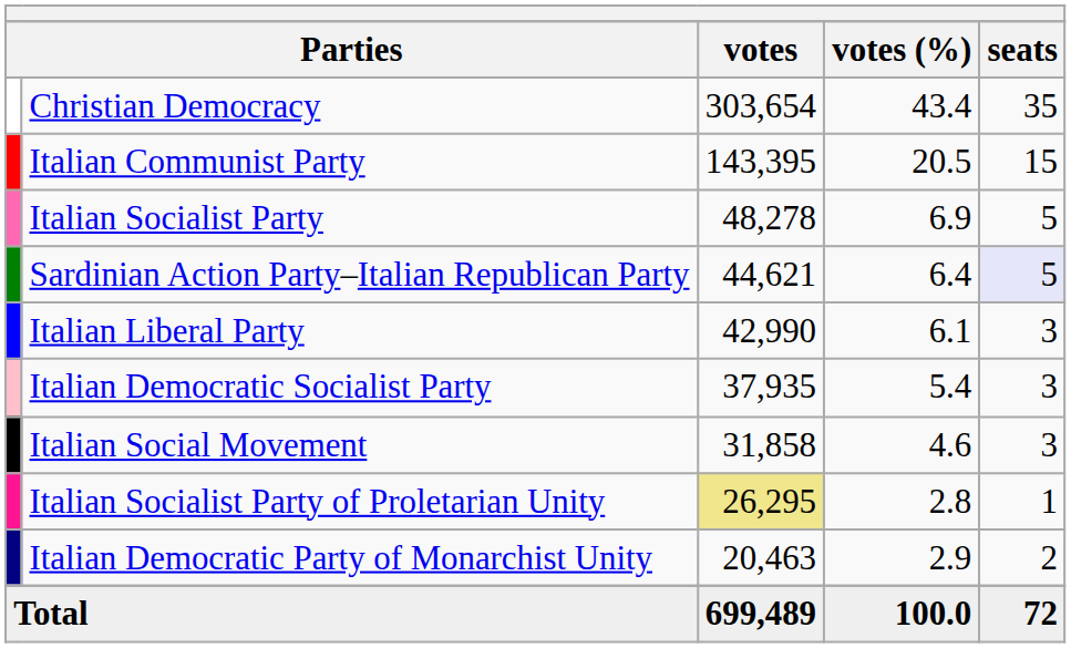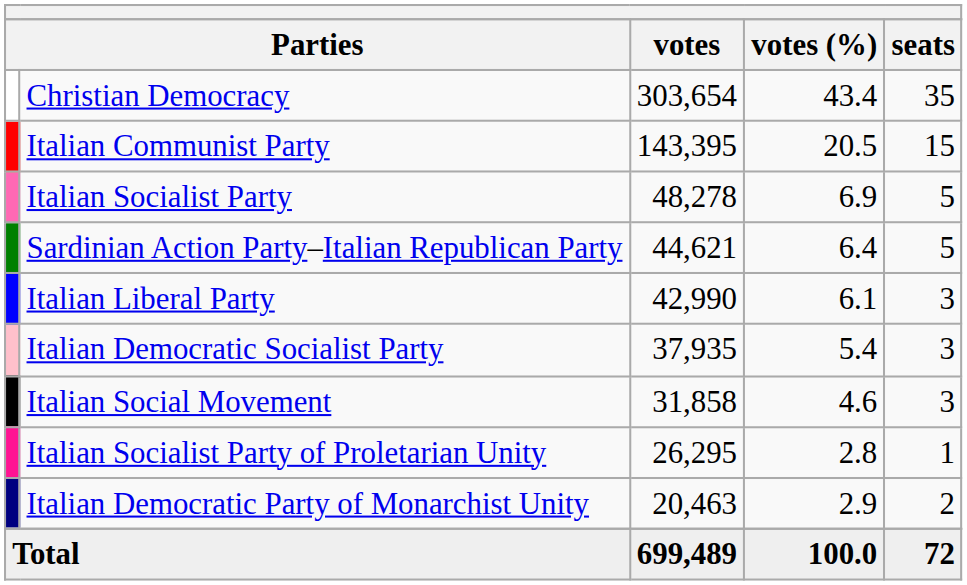 <table class="wikitable" style="font-size:95%">
 <tr>
 <th colspan=5></th>
 </tr>
 <tr>
 </tr>
 <tr bgcolor="EFEFEF">
 <th Colspan=2>Parties</th>
 <th>votes</th>
 <th>votes (%)</th>
 <th>seats</th>
 </tr>
 <tr>
 <td bgcolor=White></td>
 <td><a href='#'>Christian Democracy</a></td>
 <td align=right>303,654</td>
 <td align=right>43.4</td>
 <td align=right>35</td>
 </tr>
 <tr>
 <td bgcolor=Red></td>
 <td><a href='#'>Italian Communist Party</a></td>
 <td align=right>143,395</td>
 <td align=right>20.5</td>
 <td align=right>15</td>
 </tr>
 <tr>
 <td bgcolor=Hotpink></td>
 <td><a href='#'>Italian Socialist Party</a></td>
 <td align=right>48,278</td>
 <td align=right>6.9</td>
 <td align=right>5</td>
 </tr>
 <tr>
 <td bgcolor=Green></td>
 <td><a href='#'>Sardinian Action Party</a>–<a href='#'>Italian Republican Party</a></td>
 <td align=right>44,621</td>
 <td align=right>6.4</td>
-<td align=right style="background: lavender;">5</td>
+<td align=right>5</td>
 </tr>
 <tr>
 <td bgcolor=Blue></td>
 <td><a href='#'>Italian Liberal Party</a></td>
 <td align=right>42,990</td>
 <td align=right>6.1</td>
 <td align=right>3</td>
 </tr>
 <tr>
 <td bgcolor=Pink></td>
 <td><a href='#'>Italian Democratic Socialist Party</a></td>
 <td align=right>37,935</td>
 <td align=right>5.4</td>
 <td align=right>3</td>
 </tr>
 <tr>
 <td bgcolor=Black></td>
 <td><a href='#'>Italian Social Movement</a></td>
 <td align=right>31,858</td>
 <td align=right>4.6</td>
 <td align=right>3</td>
 </tr>
 <tr>
 <td bgcolor=Deeppink></td>
 <td><a href='#'>Italian Socialist Party of Proletarian Unity</a></td>
-<td align=right style="background: khaki;">26,295</td>
+<td align=right>26,295</td>
 <td align=right>2.8</td>
 <td align=right>1</td>
 </tr>
 <tr>
 <td bgcolor=Navy></td>
 <td><a href='#'>Italian Democratic Party of Monarchist Unity</a></td>
 <td align=right>20,463</td>
 <td align=right>2.9</td>
 <td align=right>2</td>
 </tr>
 <tr>
 </tr>
 <tr bgcolor="EFEFEF">
 <td colspan=2><strong>Total</strong></td>
 <td align=right><strong>699,489</strong></td>
 <td align=right><strong>100.0</strong></td>
 <td align=right><strong>72</strong></td>
 </tr>
 </table>
